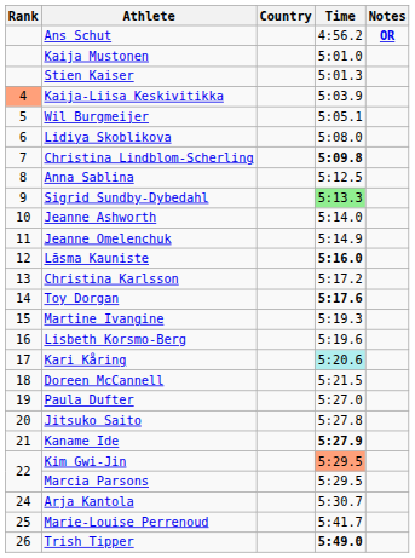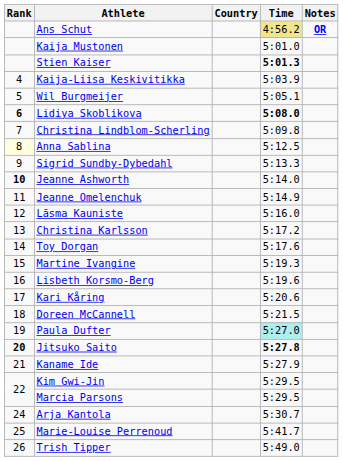 <table class="wikitable sortable" style="text-align:center">
 <tr>
 <th>Rank</th>
 <th>Athlete</th>
 <th>Country</th>
 <th>Time</th>
 <th>Notes</th>
 </tr>
 <tr>
 <td></td>
 <td align=left><a href='#'>Ans Schut</a></td>
 <td align=left></td>
-<td>4:56.2</td>
+<td style="background: khaki;">4:56.2</td>
 <td><strong><a href='#'>OR</a></strong></td>
 </tr>
 <tr>
 <td></td>
 <td align=left><a href='#'>Kaija Mustonen</a></td>
 <td align=left></td>
 <td>5:01.0</td>
 <td></td>
 </tr>
 <tr>
 <td></td>
 <td align=left><a href='#'>Stien Kaiser</a></td>
 <td align=left></td>
-<td>5:01.3</td>
+<td><strong>5:01.3</strong></td>
 <td></td>
 </tr>
 <tr>
-<td style="background: lightsalmon;">4</td>
+<td>4</td>
 <td align=left><a href='#'>Kaija-Liisa Keskivitikka</a></td>
 <td align=left></td>
 <td>5:03.9</td>
 <td></td>
 </tr>
 <tr>
 <td>5</td>
 <td align=left><a href='#'>Wil Burgmeijer</a></td>
 <td align=left></td>
 <td>5:05.1</td>
 <td></td>
 </tr>
 <tr>
-<td>6</td>
+<td><strong>6</strong></td>
 <td align=left><a href='#'>Lidiya Skoblikova</a></td>
 <td align=left></td>
-<td>5:08.0</td>
+<td><strong>5:08.0</strong></td>
 <td></td>
 </tr>
 <tr>
 <td>7</td>
 <td align=left><a href='#'>Christina Lindblom-Scherling</a></td>
 <td align=left></td>
-<td><strong>5:09.8</strong></td>
+<td>5:09.8</td>
 <td></td>
 </tr>
 <tr>
-<td>8</td>
+<td style="background: lightyellow;">8</td>
 <td align=left><a href='#'>Anna Sablina</a></td>
 <td align=left></td>
 <td>5:12.5</td>
 <td></td>
 </tr>
 <tr>
 <td>9</td>
 <td align=left><a href='#'>Sigrid Sundby-Dybedahl</a></td>
 <td align=left></td>
-<td style="background: lightgreen;">5:13.3</td>
+<td>5:13.3</td>
 <td></td>
 </tr>
 <tr>
-<td>10</td>
+<td><strong>10</strong></td>
 <td align=left><a href='#'>Jeanne Ashworth</a></td>
 <td align=left></td>
 <td>5:14.0</td>
 <td></td>
 </tr>
 <tr>
 <td>11</td>
 <td align=left><a href='#'>Jeanne Omelenchuk</a></td>
 <td align=left></td>
 <td>5:14.9</td>
 <td></td>
 </tr>
 <tr>
 <td>12</td>
 <td align=left><a href='#'>Lāsma Kauniste</a></td>
 <td align=left></td>
-<td><strong>5:16.0</strong></td>
+<td>5:16.0</td>
 <td></td>
 </tr>
 <tr>
 <td>13</td>
 <td align=left><a href='#'>Christina Karlsson</a></td>
 <td align=left></td>
 <td>5:17.2</td>
 <td></td>
 </tr>
 <tr>
 <td>14</td>
 <td align=left><a href='#'>Toy Dorgan</a></td>
 <td align=left></td>
-<td><strong>5:17.6</strong></td>
+<td>5:17.6</td>
 <td></td>
 </tr>
 <tr>
 <td>15</td>
 <td align=left><a href='#'>Martine Ivangine</a></td>
 <td align=left></td>
 <td>5:19.3</td>
 <td></td>
 </tr>
 <tr>
 <td>16</td>
 <td align=left><a href='#'>Lisbeth Korsmo-Berg</a></td>
 <td align=left></td>
 <td>5:19.6</td>
 <td></td>
 </tr>
 <tr>
 <td>17</td>
 <td align=left><a href='#'>Kari Kåring</a></td>
 <td align=left></td>
-<td style="background: paleturquoise;">5:20.6</td>
+<td>5:20.6</td>
 <td></td>
 </tr>
 <tr>
 <td>18</td>
 <td align=left><a href='#'>Doreen McCannell</a></td>
 <td align=left></td>
 <td>5:21.5</td>
 <td></td>
 </tr>
 <tr>
 <td>19</td>
 <td align=left><a href='#'>Paula Dufter</a></td>
 <td align=left></td>
-<td>5:27.0</td>
+<td style="background: paleturquoise;">5:27.0</td>
 <td></td>
 </tr>
 <tr>
-<td>20</td>
+<td><strong>20</strong></td>
 <td align=left><a href='#'>Jitsuko Saito</a></td>
 <td align=left></td>
-<td>5:27.8</td>
+<td><strong>5:27.8</strong></td>
 <td></td>
 </tr>
 <tr>
 <td>21</td>
 <td align=left><a href='#'>Kaname Ide</a></td>
 <td align=left></td>
-<td><strong>5:27.9</strong></td>
+<td>5:27.9</td>
 <td></td>
 </tr>
 <tr>
 <td rowspan=2>22</td>
 <td align=left><a href='#'>Kim Gwi-Jin</a></td>
 <td align=left></td>
-<td style="background: lightsalmon;">5:29.5</td>
+<td>5:29.5</td>
 <td></td>
 </tr>
 <tr>
 <td align=left><a href='#'>Marcia Parsons</a></td>
 <td align=left></td>
 <td>5:29.5</td>
 <td></td>
 </tr>
 <tr>
 <td>24</td>
 <td align=left><a href='#'>Arja Kantola</a></td>
 <td align=left></td>
 <td>5:30.7</td>
 <td></td>
 </tr>
 <tr>
 <td>25</td>
 <td align=left><a href='#'>Marie-Louise Perrenoud</a></td>
 <td align=left></td>
 <td>5:41.7</td>
 <td></td>
 </tr>
 <tr>
 <td>26</td>
 <td align=left><a href='#'>Trish Tipper</a></td>
 <td align=left></td>
-<td><strong>5:49.0</strong></td>
+<td>5:49.0</td>
 <td></td>
 </tr>
 </table>
